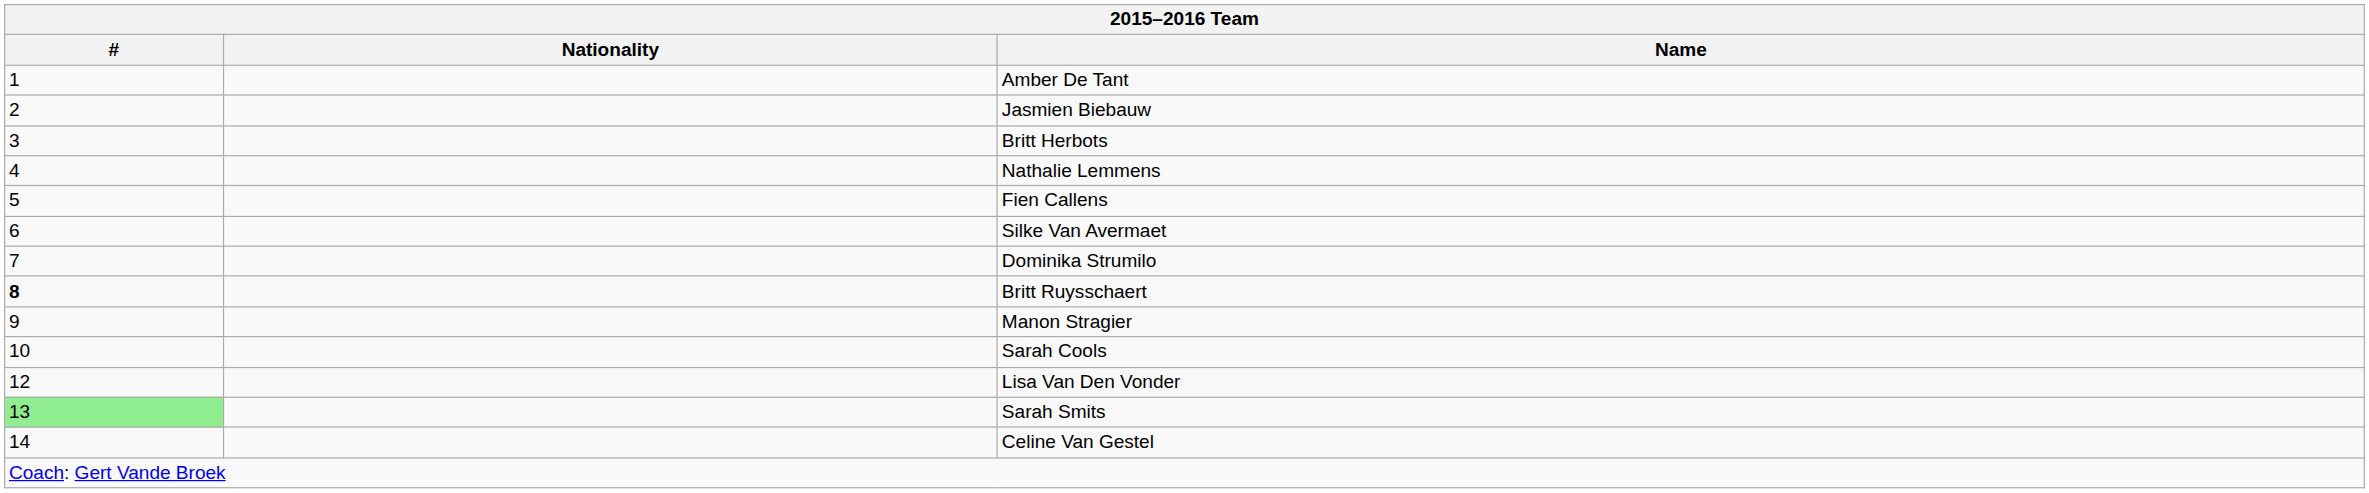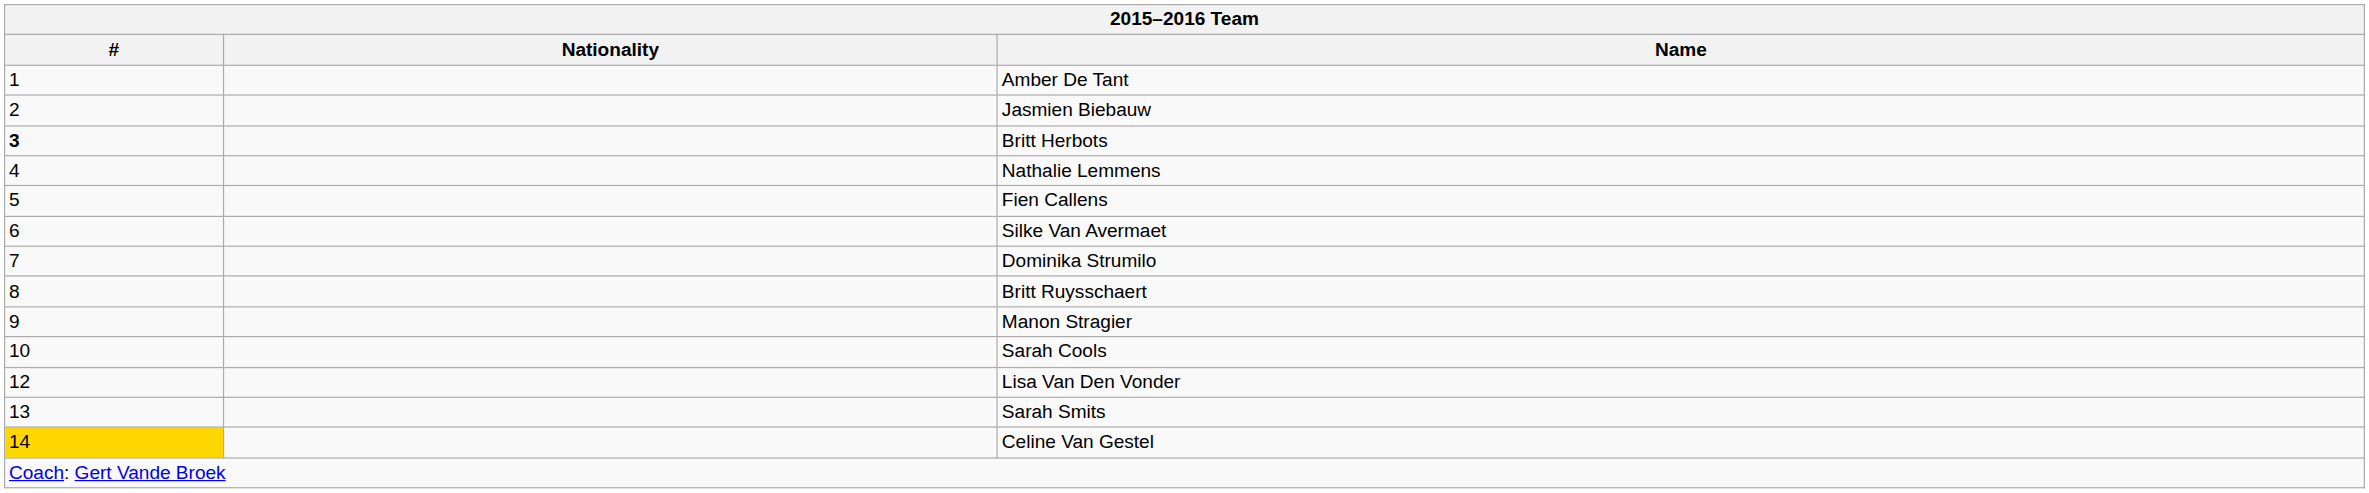 <table class="wikitable collapsible collapsed" style="width:100%;">
 <tr>
 <th colspan=3><strong>2015–2016 Team</strong></th>
 </tr>
 <tr>
 <th>#</th>
 <th>Nationality</th>
 <th>Name</th>
 </tr>
 <tr>
 <td>1</td>
 <td></td>
 <td>Amber De Tant</td>
 </tr>
 <tr>
 <td>2</td>
 <td></td>
 <td>Jasmien Biebauw</td>
 </tr>
 <tr>
-<td>3</td>
+<td><strong>3</strong></td>
 <td></td>
 <td>Britt Herbots</td>
 </tr>
 <tr>
 <td>4</td>
 <td></td>
 <td>Nathalie Lemmens</td>
 </tr>
 <tr>
 <td>5</td>
 <td></td>
 <td>Fien Callens</td>
 </tr>
 <tr>
 <td>6</td>
 <td></td>
 <td>Silke Van Avermaet</td>
 </tr>
 <tr>
 <td>7</td>
 <td></td>
 <td>Dominika Strumilo</td>
 </tr>
 <tr>
-<td><strong>8</strong></td>
+<td>8</td>
 <td></td>
 <td>Britt Ruysschaert</td>
 </tr>
 <tr>
 <td>9</td>
 <td></td>
 <td>Manon Stragier</td>
 </tr>
 <tr>
 <td>10</td>
 <td></td>
 <td>Sarah Cools</td>
 </tr>
 <tr>
 <td>12</td>
 <td></td>
 <td>Lisa Van Den Vonder</td>
 </tr>
 <tr>
-<td style="background: lightgreen;">13</td>
+<td>13</td>
 <td></td>
 <td>Sarah Smits</td>
 </tr>
 <tr>
-<td>14</td>
+<td style="background: gold;">14</td>
 <td></td>
 <td>Celine Van Gestel</td>
 </tr>
 <tr>
 <td colspan=3><a href='#'>Coach</a>:  <a href='#'>Gert Vande Broek</a></td>
 </tr>
 </table>
